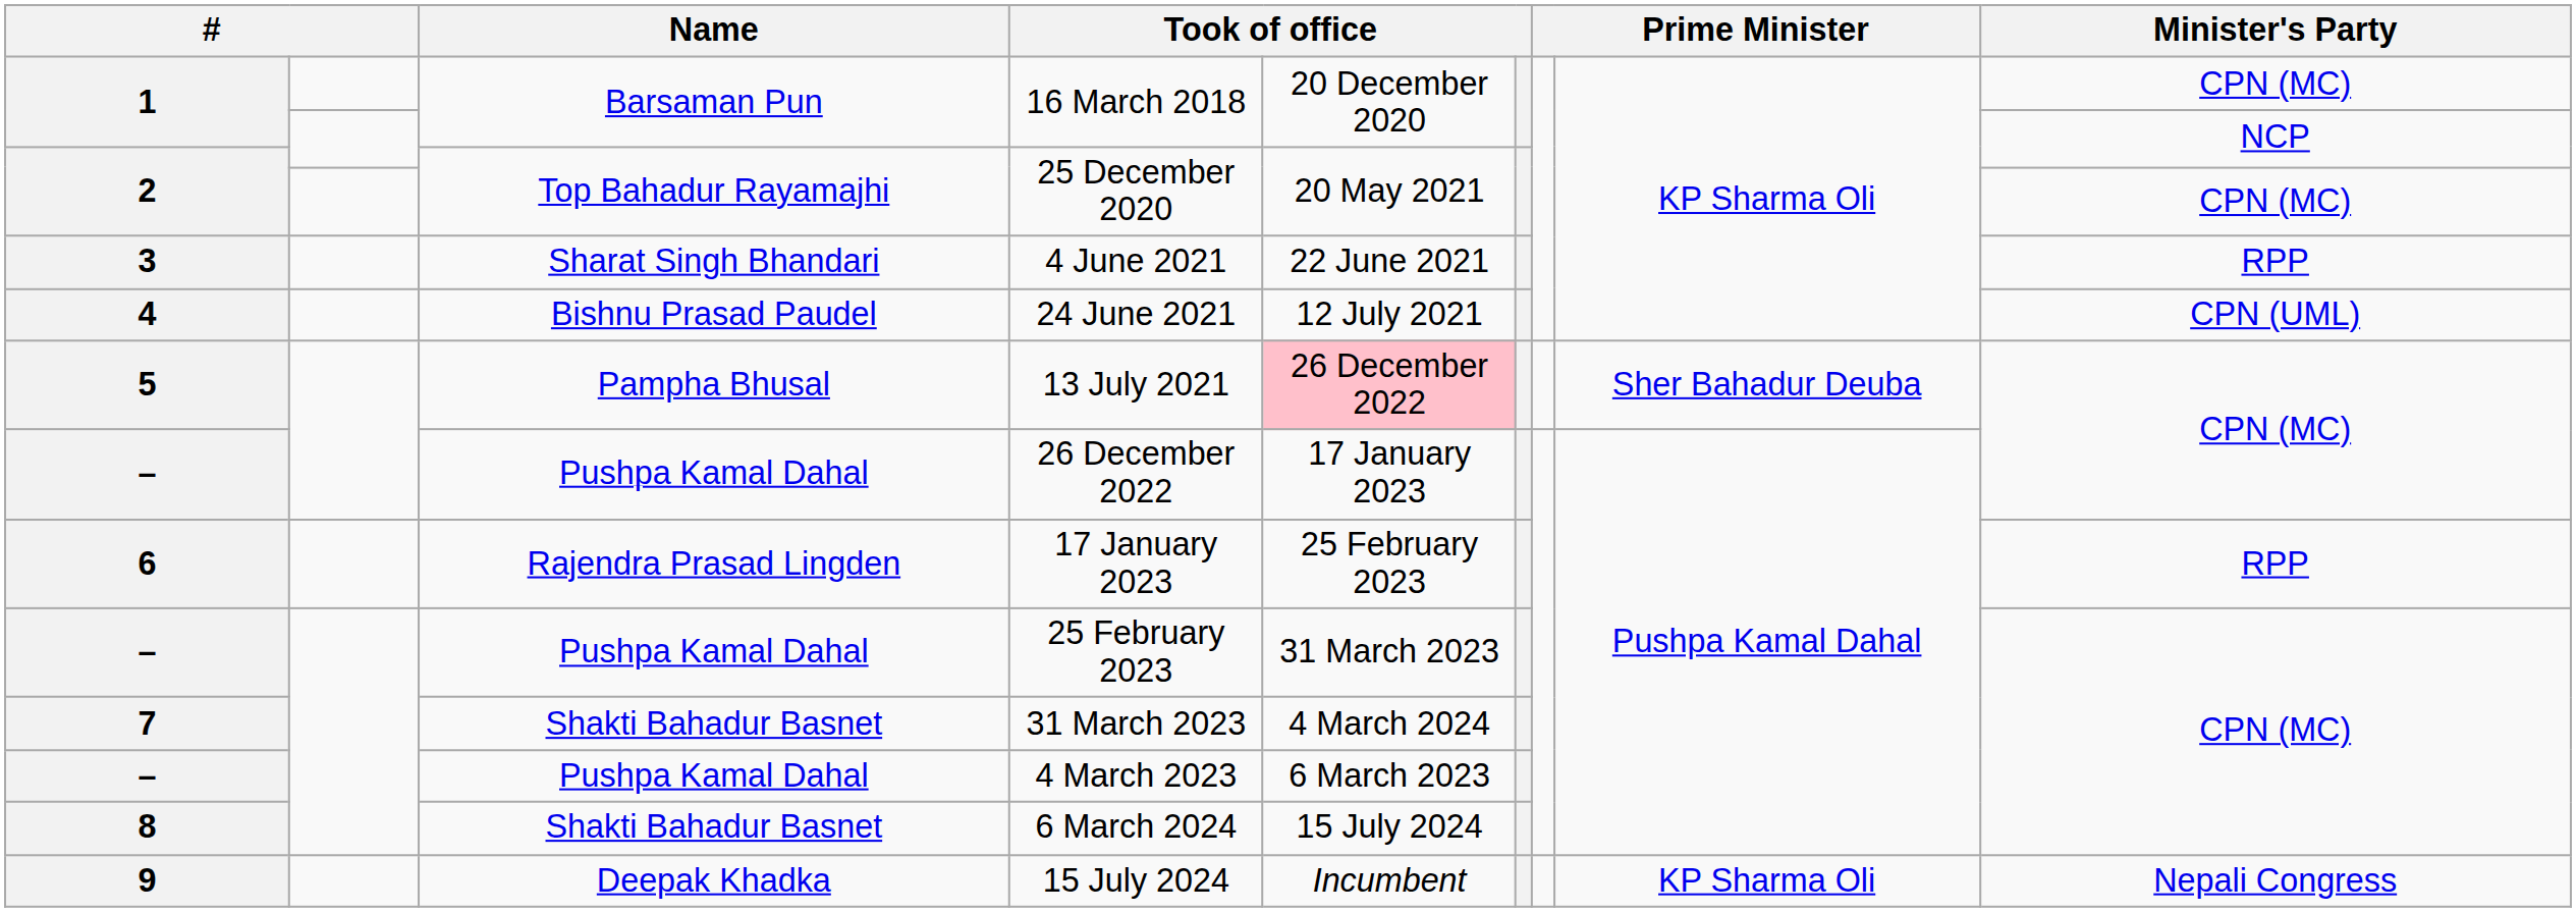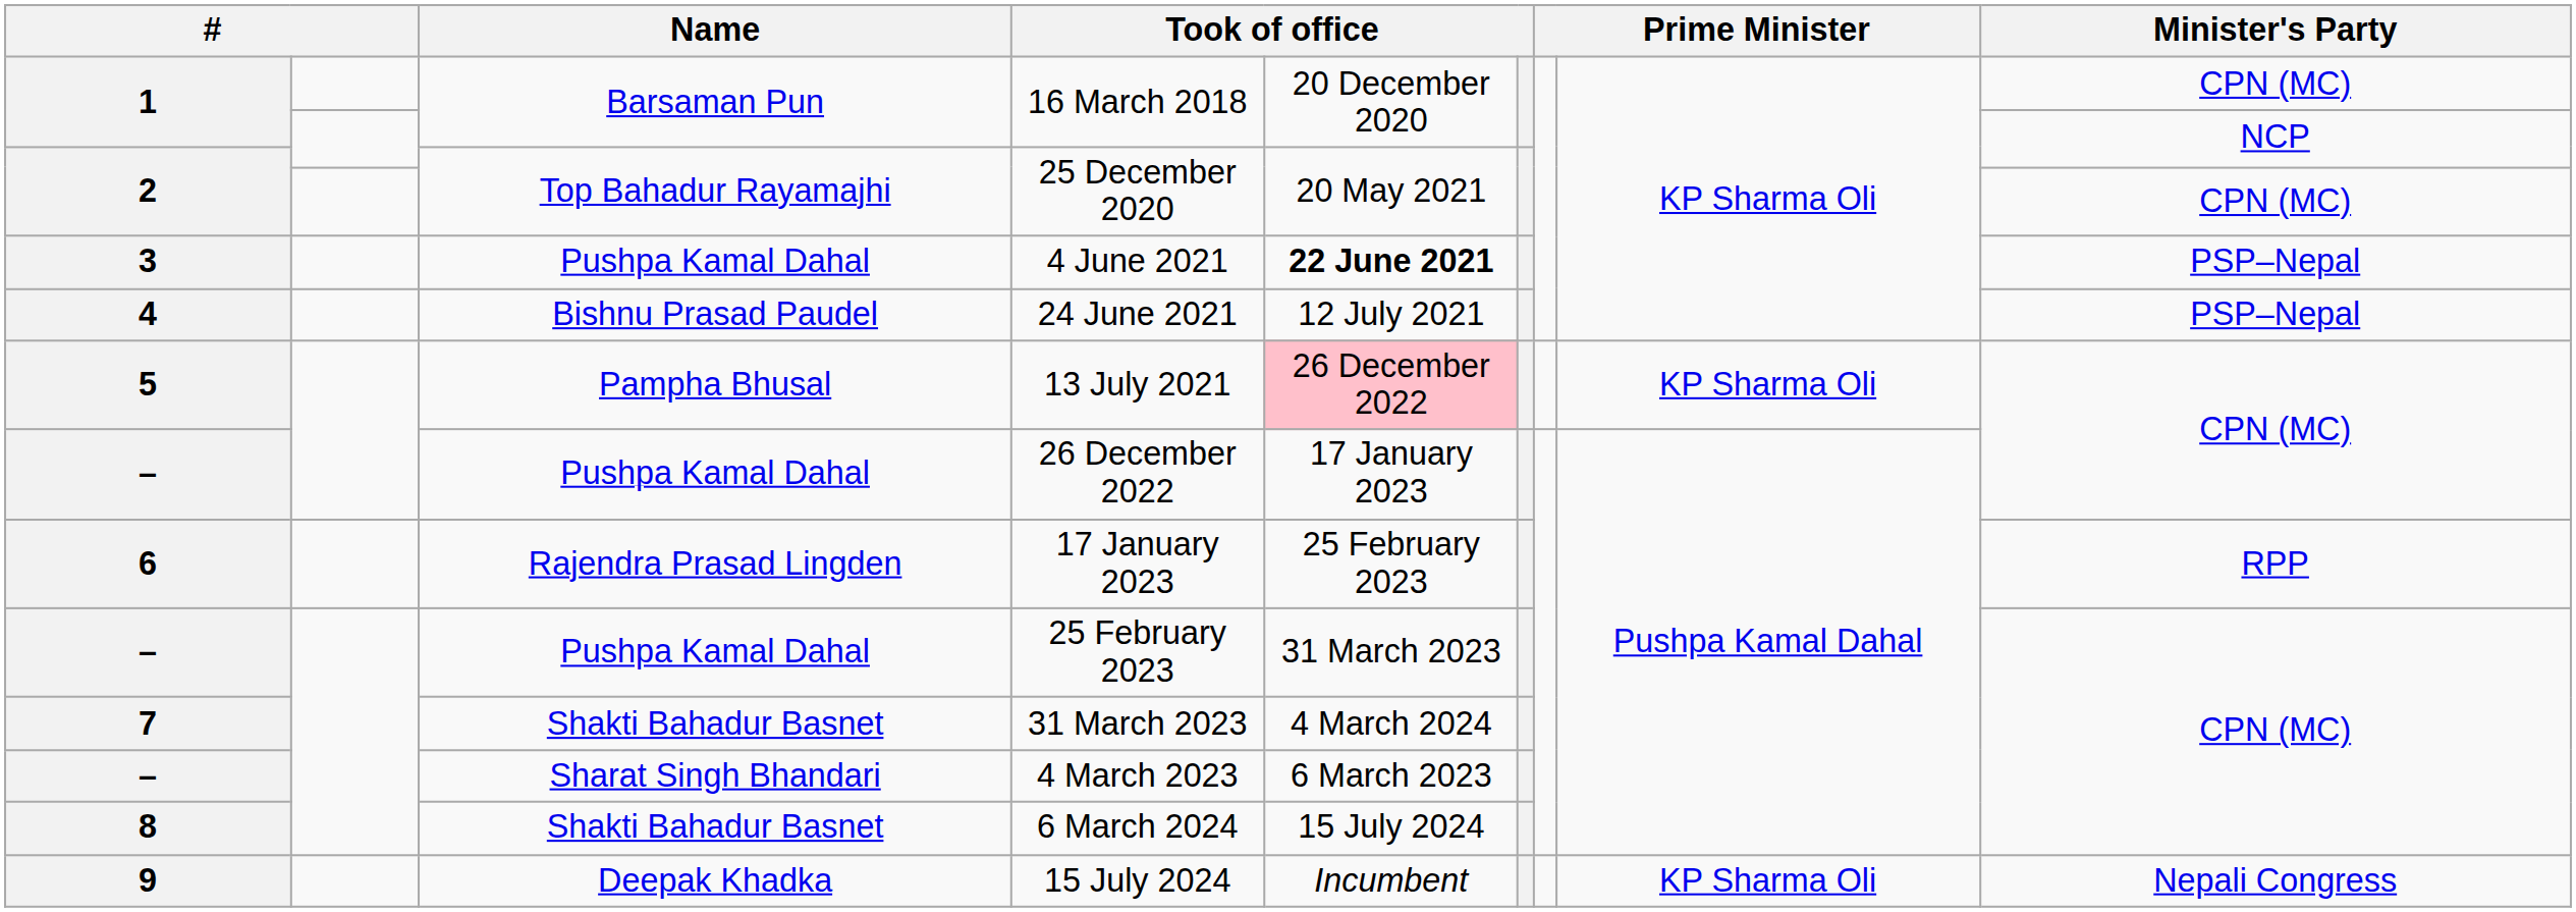 <table class="wikitable"  style="text-align:center">
 <tr>
 <th width=280px colspan="2">#</th>
 <th width=280px>Name</th>
 <th width=280px colspan="3">Took of office</th>
 <th width=280px colspan="2">Prime Minister</th>
 <th width=280px>Minister's Party</th>
 </tr>
 <tr>
 <th rowspan="2">1</th>
 <td style="background-color: "></td>
 <td rowspan="2"><a href='#'>Barsaman Pun</a><br></td>
 <td rowspan="2">16 March 2018</td>
 <td rowspan="2">20 December 2020</td>
 <th rowspan="2"></th>
 <td rowspan="6" style="background-color: "></td>
 <td rowspan="6"><a href='#'>KP Sharma Oli</a></td>
 <td><a href='#'>CPN (MC)</a></td>
 </tr>
 <tr>
 <td rowspan="2"></td>
 <td rowspan="2"><a href='#'>NCP</a></td>
 </tr>
 <tr>
 <th rowspan="2">2</th>
 <td rowspan="2"><a href='#'>Top Bahadur Rayamajhi</a><br></td>
 <td rowspan="2">25 December 2020</td>
 <td rowspan="2">20 May 2021</td>
 <th rowspan="2"></th>
 </tr>
 <tr>
 <td style="background-color: "></td>
 <td><a href='#'>CPN (MC)</a></td>
 </tr>
 <tr>
 <th>3</th>
 <td style="background-color: "></td>
-<td><a href='#'>Sharat Singh Bhandari</a><br></td>
+<td><a href='#'>Pushpa Kamal Dahal</a><br></td>
 <td>4 June 2021</td>
-<td>22 June 2021</td>
+<td><strong>22 June 2021</strong></td>
 <th></th>
-<td><a href='#'>RPP</a></td>
+<td><a href='#'>PSP–Nepal</a></td>
 </tr>
 <tr>
 <th>4</th>
 <td style="background-color: "></td>
 <td><a href='#'>Bishnu Prasad Paudel</a><br></td>
 <td>24 June 2021</td>
 <td>12 July 2021</td>
 <th></th>
-<td><a href='#'>CPN (UML)</a></td>
+<td><a href='#'>PSP–Nepal</a></td>
 </tr>
 <tr>
 <th>5</th>
 <td rowspan="2" style="background-color: "></td>
 <td><a href='#'>Pampha Bhusal</a><br></td>
 <td>13 July 2021</td>
 <td style="background: pink;">26 December 2022</td>
 <th></th>
 <td style="background-color: "></td>
-<td><a href='#'>Sher Bahadur Deuba</a></td>
+<td><a href='#'>KP Sharma Oli</a></td>
 <td rowspan="2"><a href='#'>CPN (MC)</a></td>
 </tr>
 <tr>
 <th>–</th>
 <td><a href='#'>Pushpa Kamal Dahal</a><br></td>
 <td>26 December 2022</td>
 <td>17 January 2023</td>
 <th></th>
 <td rowspan="6" style="background-color: "></td>
 <td rowspan="6"><a href='#'>Pushpa Kamal Dahal</a></td>
 </tr>
 <tr>
 <th>6</th>
 <td style="background-color: "></td>
 <td><a href='#'>Rajendra Prasad Lingden</a><br></td>
 <td>17 January 2023</td>
 <td>25 February 2023</td>
 <th></th>
 <td><a href='#'>RPP</a></td>
 </tr>
 <tr>
 <th>–</th>
 <td rowspan="4" style="background-color: "></td>
 <td><a href='#'>Pushpa Kamal Dahal</a><br></td>
 <td>25 February 2023</td>
 <td>31 March 2023</td>
 <th></th>
 <td rowspan="4"><a href='#'>CPN (MC)</a></td>
 </tr>
 <tr>
 <th>7</th>
 <td><a href='#'>Shakti Bahadur Basnet</a><br></td>
 <td>31 March 2023</td>
 <td>4 March 2024</td>
 <th></th>
 </tr>
 <tr>
 <th>–</th>
-<td><a href='#'>Pushpa Kamal Dahal</a><br></td>
+<td><a href='#'>Sharat Singh Bhandari</a><br></td>
 <td>4 March 2023</td>
 <td>6 March 2023</td>
 <th></th>
 </tr>
 <tr>
 <th>8</th>
 <td><a href='#'>Shakti Bahadur Basnet</a><br></td>
 <td>6 March 2024</td>
 <td>15 July 2024</td>
 <th></th>
 </tr>
 <tr>
 <th>9</th>
 <td style="background-color: "></td>
 <td><a href='#'>Deepak Khadka</a><br></td>
 <td>15 July 2024</td>
 <td><em>Incumbent</em></td>
 <th></th>
 <td style="background-color: "></td>
 <td><a href='#'>KP Sharma Oli</a></td>
 <td><a href='#'>Nepali Congress</a></td>
 </tr>
 </table>
